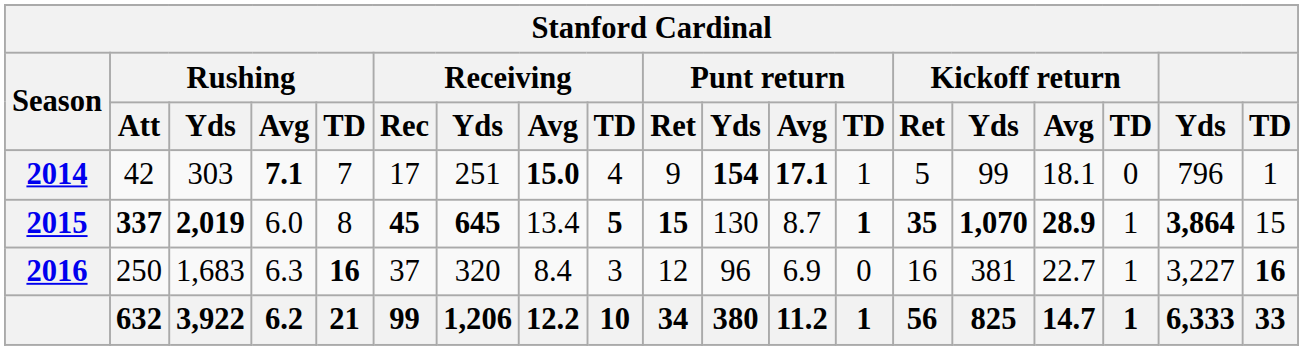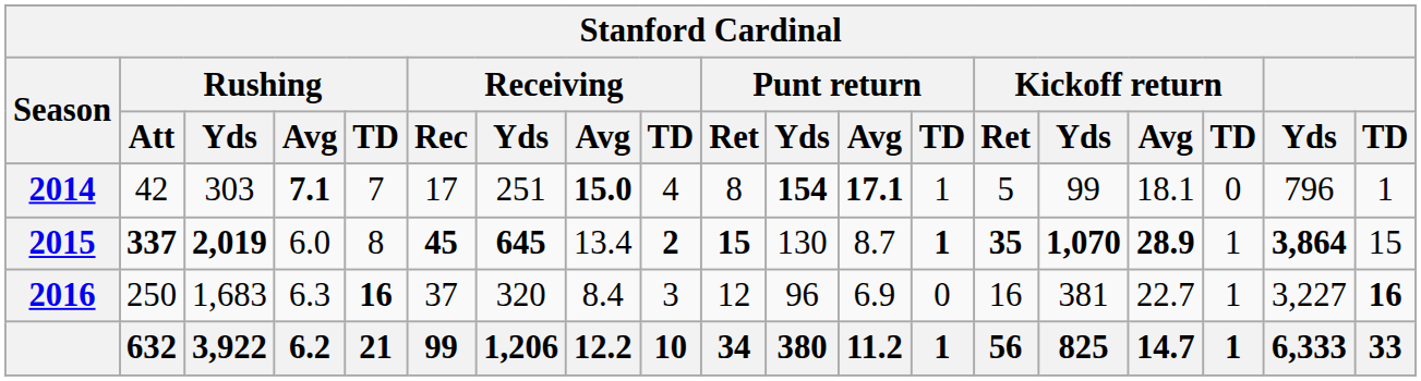 <table class=wikitable style="text-align:center;">
 <tr>
 </tr>
 <tr>
 <th colspan="23">Stanford Cardinal</th>
 </tr>
 <tr>
 <th rowspan="2">Season</th>
 <th colspan="4">Rushing</th>
 <th colspan="4">Receiving</th>
 <th colspan="4">Punt return</th>
 <th colspan="4">Kickoff return</th>
 <th colspan="2"></th>
 </tr>
 <tr>
 <th>Att</th>
 <th>Yds</th>
 <th>Avg</th>
 <th>TD</th>
 <th>Rec</th>
 <th>Yds</th>
 <th>Avg</th>
 <th>TD</th>
 <th>Ret</th>
 <th>Yds</th>
 <th>Avg</th>
 <th>TD</th>
 <th>Ret</th>
 <th>Yds</th>
 <th>Avg</th>
 <th>TD</th>
 <th>Yds</th>
 <th>TD</th>
 </tr>
 <tr>
 <th><a href='#'>2014</a></th>
 <td>42</td>
 <td>303</td>
 <td><strong>7.1</strong></td>
 <td>7</td>
 <td>17</td>
 <td>251</td>
 <td><strong>15.0</strong></td>
 <td>4</td>
-<td>9</td>
+<td>8</td>
 <td><strong>154</strong></td>
 <td><strong>17.1</strong></td>
 <td>1</td>
 <td>5</td>
 <td>99</td>
 <td>18.1</td>
 <td>0</td>
 <td>796</td>
 <td>1</td>
 </tr>
 <tr>
 <th><a href='#'>2015</a></th>
 <td><strong>337</strong></td>
 <td><strong>2,019</strong></td>
 <td>6.0</td>
 <td>8</td>
 <td><strong>45</strong></td>
 <td><strong>645</strong></td>
 <td>13.4</td>
-<td><strong>5</strong></td>
+<td><strong>2</strong></td>
 <td><strong>15</strong></td>
 <td>130</td>
 <td>8.7</td>
 <td><strong>1</strong></td>
 <td><strong>35</strong></td>
 <td><strong>1,070</strong></td>
 <td><strong>28.9</strong></td>
 <td>1</td>
 <td><strong>3,864</strong></td>
 <td>15</td>
 </tr>
 <tr>
 <th><a href='#'>2016</a></th>
 <td>250</td>
 <td>1,683</td>
 <td>6.3</td>
 <td><strong>16</strong></td>
 <td>37</td>
 <td>320</td>
 <td>8.4</td>
 <td>3</td>
 <td>12</td>
 <td>96</td>
 <td>6.9</td>
 <td>0</td>
 <td>16</td>
 <td>381</td>
 <td>22.7</td>
 <td>1</td>
 <td>3,227</td>
 <td><strong>16</strong></td>
 </tr>
 <tr>
 <th></th>
 <th>632</th>
 <th>3,922</th>
 <th>6.2</th>
 <th>21</th>
 <th>99</th>
 <th>1,206</th>
 <th>12.2</th>
 <th>10</th>
 <th>34</th>
 <th>380</th>
 <th>11.2</th>
 <th>1</th>
 <th>56</th>
 <th>825</th>
 <th>14.7</th>
 <th>1</th>
 <th>6,333</th>
 <th>33</th>
 </tr>
 </table>
